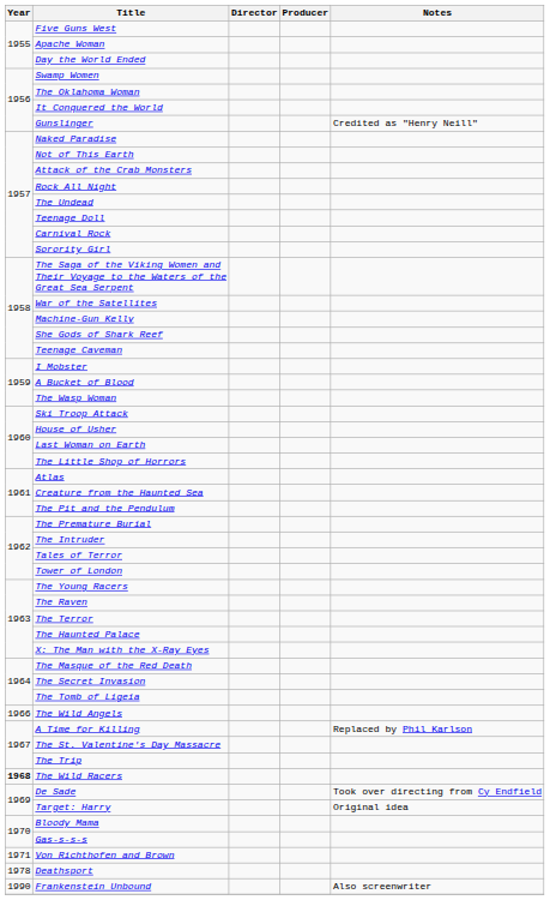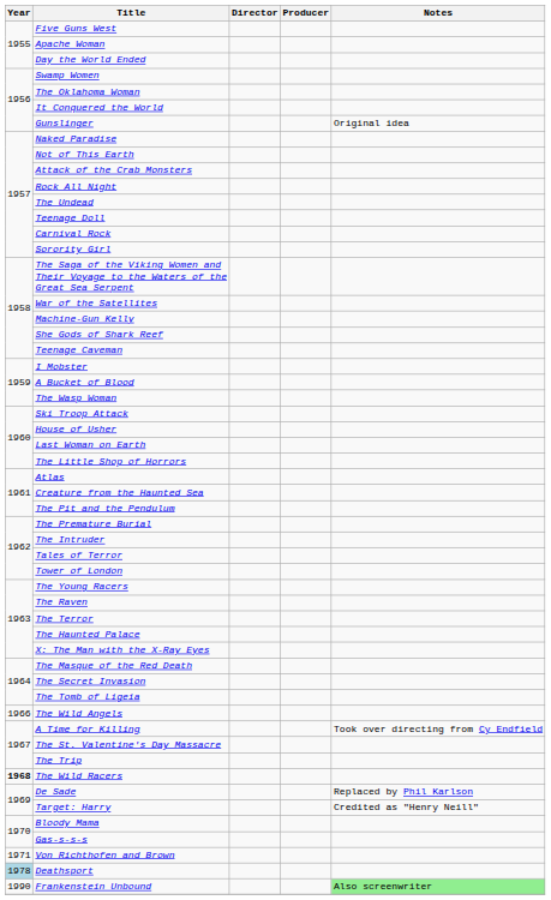 <table class="wikitable">
 <tr>
 <th>Year</th>
 <th>Title</th>
 <th>Director</th>
 <th>Producer</th>
 <th>Notes</th>
 </tr>
 <tr>
 <td rowspan=3>1955</td>
 <td><em><a href='#'>Five Guns West</a></em></td>
 <td></td>
 <td></td>
 <td></td>
 </tr>
 <tr>
 <td><em><a href='#'>Apache Woman</a></em></td>
 <td></td>
 <td></td>
 <td></td>
 </tr>
 <tr>
 <td><em><a href='#'>Day the World Ended</a></em></td>
 <td></td>
 <td></td>
 <td></td>
 </tr>
 <tr>
 <td rowspan=4>1956</td>
 <td><em><a href='#'>Swamp Women</a></em></td>
 <td></td>
 <td></td>
 <td></td>
 </tr>
 <tr>
 <td><em><a href='#'>The Oklahoma Woman</a></em></td>
 <td></td>
 <td></td>
 <td></td>
 </tr>
 <tr>
 <td><em><a href='#'>It Conquered the World</a></em></td>
 <td></td>
 <td></td>
 <td></td>
 </tr>
 <tr>
 <td><em><a href='#'>Gunslinger</a></em></td>
 <td></td>
 <td></td>
-<td>Credited as "Henry Neill"</td>
+<td>Original idea</td>
 </tr>
 <tr>
 <td rowspan=8>1957</td>
 <td><em><a href='#'>Naked Paradise</a></em></td>
 <td></td>
 <td></td>
 <td></td>
 </tr>
 <tr>
 <td><em><a href='#'>Not of This Earth</a></em></td>
 <td></td>
 <td></td>
 <td></td>
 </tr>
 <tr>
 <td><em><a href='#'>Attack of the Crab Monsters</a></em></td>
 <td></td>
 <td></td>
 <td></td>
 </tr>
 <tr>
 <td><em><a href='#'>Rock All Night</a></em></td>
 <td></td>
 <td></td>
 <td></td>
 </tr>
 <tr>
 <td><em><a href='#'>The Undead</a></em></td>
 <td></td>
 <td></td>
 <td></td>
 </tr>
 <tr>
 <td><em><a href='#'>Teenage Doll</a></em></td>
 <td></td>
 <td></td>
 <td></td>
 </tr>
 <tr>
 <td><em><a href='#'>Carnival Rock</a></em></td>
 <td></td>
 <td></td>
 <td></td>
 </tr>
 <tr>
 <td><em><a href='#'>Sorority Girl</a></em></td>
 <td></td>
 <td></td>
 <td></td>
 </tr>
 <tr>
 <td rowspan=5>1958</td>
 <td><em><a href='#'>The Saga of the Viking Women and<br>Their Voyage to the Waters of the<br>Great Sea Serpent</a></em></td>
 <td></td>
 <td></td>
 <td></td>
 </tr>
 <tr>
 <td><em><a href='#'>War of the Satellites</a></em></td>
 <td></td>
 <td></td>
 <td></td>
 </tr>
 <tr>
 <td><em><a href='#'>Machine-Gun Kelly</a></em></td>
 <td></td>
 <td></td>
 <td></td>
 </tr>
 <tr>
 <td><em><a href='#'>She Gods of Shark Reef</a></em></td>
 <td></td>
 <td></td>
 <td></td>
 </tr>
 <tr>
 <td><em><a href='#'>Teenage Caveman</a></em></td>
 <td></td>
 <td></td>
 <td></td>
 </tr>
 <tr>
 <td rowspan=3>1959</td>
 <td><em><a href='#'>I Mobster</a></em></td>
 <td></td>
 <td></td>
 <td></td>
 </tr>
 <tr>
 <td><em><a href='#'>A Bucket of Blood</a></em></td>
 <td></td>
 <td></td>
 <td></td>
 </tr>
 <tr>
 <td><em><a href='#'>The Wasp Woman</a></em></td>
 <td></td>
 <td></td>
 <td></td>
 </tr>
 <tr>
 <td rowspan=4>1960</td>
 <td><em><a href='#'>Ski Troop Attack</a></em></td>
 <td></td>
 <td></td>
 <td></td>
 </tr>
 <tr>
 <td><em><a href='#'>House of Usher</a></em></td>
 <td></td>
 <td></td>
 <td></td>
 </tr>
 <tr>
 <td><em><a href='#'>Last Woman on Earth</a></em></td>
 <td></td>
 <td></td>
 <td></td>
 </tr>
 <tr>
 <td><em><a href='#'>The Little Shop of Horrors</a></em></td>
 <td></td>
 <td></td>
 <td></td>
 </tr>
 <tr>
 <td rowspan=3>1961</td>
 <td><em><a href='#'>Atlas</a></em></td>
 <td></td>
 <td></td>
 <td></td>
 </tr>
 <tr>
 <td><em><a href='#'>Creature from the Haunted Sea</a></em></td>
 <td></td>
 <td></td>
 <td></td>
 </tr>
 <tr>
 <td><em><a href='#'>The Pit and the Pendulum</a></em></td>
 <td></td>
 <td></td>
 <td></td>
 </tr>
 <tr>
 <td rowspan=4>1962</td>
 <td><em><a href='#'>The Premature Burial</a></em></td>
 <td></td>
 <td></td>
 <td></td>
 </tr>
 <tr>
 <td><em><a href='#'>The Intruder</a></em></td>
 <td></td>
 <td></td>
 <td></td>
 </tr>
 <tr>
 <td><em><a href='#'>Tales of Terror</a></em></td>
 <td></td>
 <td></td>
 <td></td>
 </tr>
 <tr>
 <td><em><a href='#'>Tower of London</a></em></td>
 <td></td>
 <td></td>
 <td></td>
 </tr>
 <tr>
 <td rowspan=5>1963</td>
 <td><em><a href='#'>The Young Racers</a></em></td>
 <td></td>
 <td></td>
 <td></td>
 </tr>
 <tr>
 <td><em><a href='#'>The Raven</a></em></td>
 <td></td>
 <td></td>
 <td></td>
 </tr>
 <tr>
 <td><em><a href='#'>The Terror</a></em></td>
 <td></td>
 <td></td>
 <td></td>
 </tr>
 <tr>
 <td><em><a href='#'>The Haunted Palace</a></em></td>
 <td></td>
 <td></td>
 <td></td>
 </tr>
 <tr>
 <td><em><a href='#'>X: The Man with the X-Ray Eyes</a></em></td>
 <td></td>
 <td></td>
 <td></td>
 </tr>
 <tr>
 <td rowspan=3>1964</td>
 <td><em><a href='#'>The Masque of the Red Death</a></em></td>
 <td></td>
 <td></td>
 <td></td>
 </tr>
 <tr>
 <td><em><a href='#'>The Secret Invasion</a></em></td>
 <td></td>
 <td></td>
 <td></td>
 </tr>
 <tr>
 <td><em><a href='#'>The Tomb of Ligeia</a></em></td>
 <td></td>
 <td></td>
 <td></td>
 </tr>
 <tr>
 <td>1966</td>
 <td><em><a href='#'>The Wild Angels</a></em></td>
 <td></td>
 <td></td>
 <td></td>
 </tr>
 <tr>
 <td rowspan=3>1967</td>
 <td><em><a href='#'>A Time for Killing</a></em></td>
 <td></td>
 <td></td>
-<td>Replaced by <a href='#'>Phil Karlson</a></td>
+<td>Took over directing from <a href='#'>Cy Endfield</a></td>
 </tr>
 <tr>
 <td><em><a href='#'>The St. Valentine's Day Massacre</a></em></td>
 <td></td>
 <td></td>
 <td></td>
 </tr>
 <tr>
 <td><em><a href='#'>The Trip</a></em></td>
 <td></td>
 <td></td>
 <td></td>
 </tr>
 <tr>
 <td><strong>1968</strong></td>
 <td><em><a href='#'>The Wild Racers</a></em></td>
 <td></td>
 <td></td>
 <td></td>
 </tr>
 <tr>
 <td rowspan=2>1969</td>
 <td><em><a href='#'>De Sade</a></em></td>
 <td></td>
 <td></td>
-<td>Took over directing from <a href='#'>Cy Endfield</a></td>
+<td>Replaced by <a href='#'>Phil Karlson</a></td>
 </tr>
 <tr>
 <td><em><a href='#'>Target: Harry</a></em></td>
 <td></td>
 <td></td>
-<td>Original idea</td>
+<td>Credited as "Henry Neill"</td>
 </tr>
 <tr>
 <td rowspan=2>1970</td>
 <td><em><a href='#'>Bloody Mama</a></em></td>
 <td></td>
 <td></td>
 <td></td>
 </tr>
 <tr>
 <td><em><a href='#'>Gas-s-s-s</a></em></td>
 <td></td>
 <td></td>
 <td></td>
 </tr>
 <tr>
 <td>1971</td>
 <td><em><a href='#'>Von Richthofen and Brown</a></em></td>
 <td></td>
 <td></td>
 <td></td>
 </tr>
 <tr>
-<td>1978</td>
+<td style="background: lightblue;">1978</td>
 <td><em><a href='#'>Deathsport</a></em></td>
 <td></td>
 <td></td>
 <td></td>
 </tr>
 <tr>
 <td>1990</td>
 <td><em><a href='#'>Frankenstein Unbound</a></em></td>
 <td></td>
 <td></td>
-<td>Also screenwriter</td>
+<td style="background: lightgreen;">Also screenwriter</td>
 </tr>
 <tr>
 </tr>
 </table>
